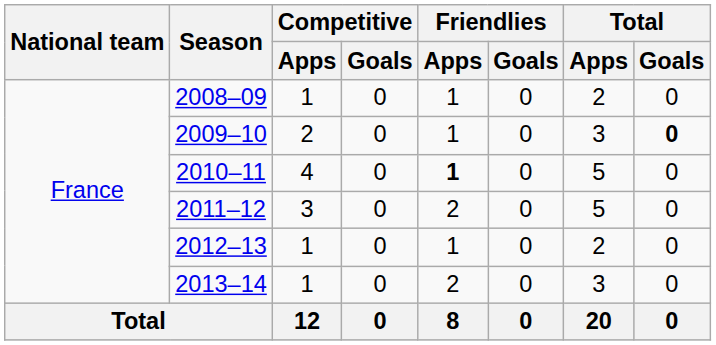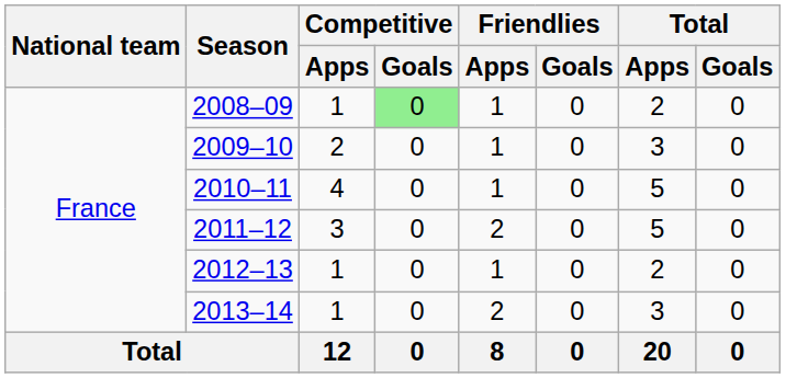 <table class="wikitable" style="text-align:center">
 <tr>
 <th rowspan="2">National team</th>
 <th rowspan="2">Season</th>
 <th colspan="2">Competitive</th>
 <th colspan="2">Friendlies</th>
 <th colspan="2">Total</th>
 </tr>
 <tr>
 <th>Apps</th>
 <th>Goals</th>
 <th>Apps</th>
 <th>Goals</th>
 <th>Apps</th>
 <th>Goals</th>
 </tr>
 <tr>
 <td rowspan="6"><a href='#'>France</a></td>
 <td><a href='#'>2008–09</a></td>
 <td>1</td>
-<td>0</td>
+<td style="background: lightgreen;">0</td>
 <td>1</td>
 <td>0</td>
 <td>2</td>
 <td>0</td>
 </tr>
 <tr>
 <td><a href='#'>2009–10</a></td>
 <td>2</td>
 <td>0</td>
 <td>1</td>
 <td>0</td>
 <td>3</td>
-<td><strong>0</strong></td>
+<td>0</td>
 </tr>
 <tr>
 <td><a href='#'>2010–11</a></td>
 <td>4</td>
 <td>0</td>
-<td><strong>1</strong></td>
+<td>1</td>
 <td>0</td>
 <td>5</td>
 <td>0</td>
 </tr>
 <tr>
 <td><a href='#'>2011–12</a></td>
 <td>3</td>
 <td>0</td>
 <td>2</td>
 <td>0</td>
 <td>5</td>
 <td>0</td>
 </tr>
 <tr>
 <td><a href='#'>2012–13</a></td>
 <td>1</td>
 <td>0</td>
 <td>1</td>
 <td>0</td>
 <td>2</td>
 <td>0</td>
 </tr>
 <tr>
 <td><a href='#'>2013–14</a></td>
 <td>1</td>
 <td>0</td>
 <td>2</td>
 <td>0</td>
 <td>3</td>
 <td>0</td>
 </tr>
 <tr>
 <th colspan="2">Total</th>
 <th>12</th>
 <th>0</th>
 <th>8</th>
 <th>0</th>
 <th>20</th>
 <th>0</th>
 </tr>
 </table>
